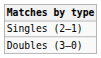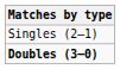 <table class="wikitable" style=font-size:90%>
 <tr>
 <th>Matches by type</th>
 </tr>
 <tr>
 <td>Singles (2–1)</td>
 </tr>
 <tr>
-<td>Doubles (3–0)</td>
+<td><strong>Doubles (3–0)</strong></td>
 </tr>
 </table>
